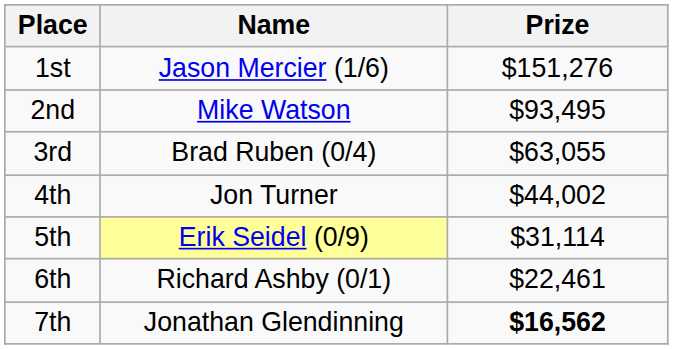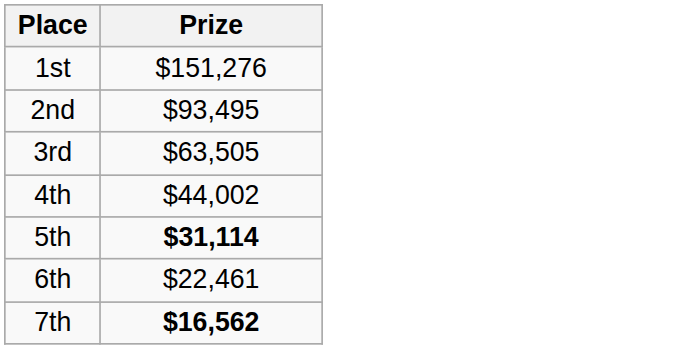 <table class="wikitable">
 <tr>
 <th width="50">Place</th>
-<th width="200">Name</th>
 <th width="125">Prize</th>
 </tr>
 <tr>
 <td align = "center">1st</td>
-<td align = "center"> <a href='#'>Jason Mercier</a> (1/6)</td>
 <td align = "center">$151,276</td>
 </tr>
 <tr>
 <td align = "center">2nd</td>
-<td align = "center"> <a href='#'>Mike Watson</a></td>
 <td align = "center">$93,495</td>
 </tr>
 <tr>
 <td align = "center">3rd</td>
-<td align = "center"> Brad Ruben (0/4)</td>
-<td align = "center">$63,055</td>
+<td align = "center">$63,505</td>
 </tr>
 <tr>
 <td align = "center">4th</td>
-<td align = "center"> Jon Turner</td>
 <td align = "center">$44,002</td>
 </tr>
 <tr>
 <td align = "center">5th</td>
-<td align="center" style="background-color:#FFFF99;"> <a href='#'>Erik Seidel</a> (0/9)</td>
-<td align = "center">$31,114</td>
+<td align = "center"><strong>$31,114</strong></td>
 </tr>
 <tr>
 <td align = "center">6th</td>
-<td align = "center"> Richard Ashby (0/1)</td>
 <td align = "center">$22,461</td>
 </tr>
 <tr>
 <td align = "center">7th</td>
-<td align = "center"> Jonathan Glendinning</td>
 <td align = "center"><strong>$16,562</strong></td>
 </tr>
 </table>
